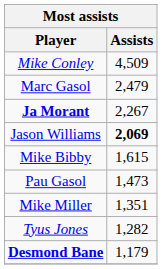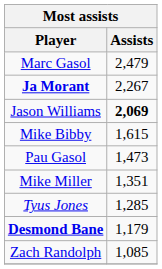 <table class="wikitable sortable" style="text-align:center">
 <tr>
 <th colspan="2" style="text-align:center; ">Most assists</th>
 </tr>
 <tr>
 <th style="text-align:center; ">Player</th>
 <th style="text-align:center; ">Assists</th>
-</tr>
-<tr>
-<td><em><a href='#'>Mike Conley</a></em></td>
-<td>4,509</td>
 </tr>
 <tr>
 <td><a href='#'>Marc Gasol</a></td>
 <td>2,479</td>
 </tr>
 <tr>
 <td><strong><a href='#'>Ja Morant</a></strong></td>
 <td>2,267</td>
 </tr>
 <tr>
 <td><a href='#'>Jason Williams</a></td>
 <td><strong>2,069</strong></td>
 </tr>
 <tr>
 <td><a href='#'>Mike Bibby</a></td>
 <td>1,615</td>
 </tr>
 <tr>
 <td><a href='#'>Pau Gasol</a></td>
 <td>1,473</td>
 </tr>
 <tr>
 <td><a href='#'>Mike Miller</a></td>
 <td>1,351</td>
 </tr>
 <tr>
 <td><em><a href='#'>Tyus Jones</a></em></td>
-<td>1,282</td>
+<td>1,285</td>
 </tr>
 <tr>
 <td><strong><a href='#'>Desmond Bane</a></strong></td>
 <td>1,179</td>
 </tr>
 <tr>
+<td><a href='#'>Zach Randolph</a></td>
+<td>1,085</td>
+</tr>
+<tr>
 </tr>
 </table>
